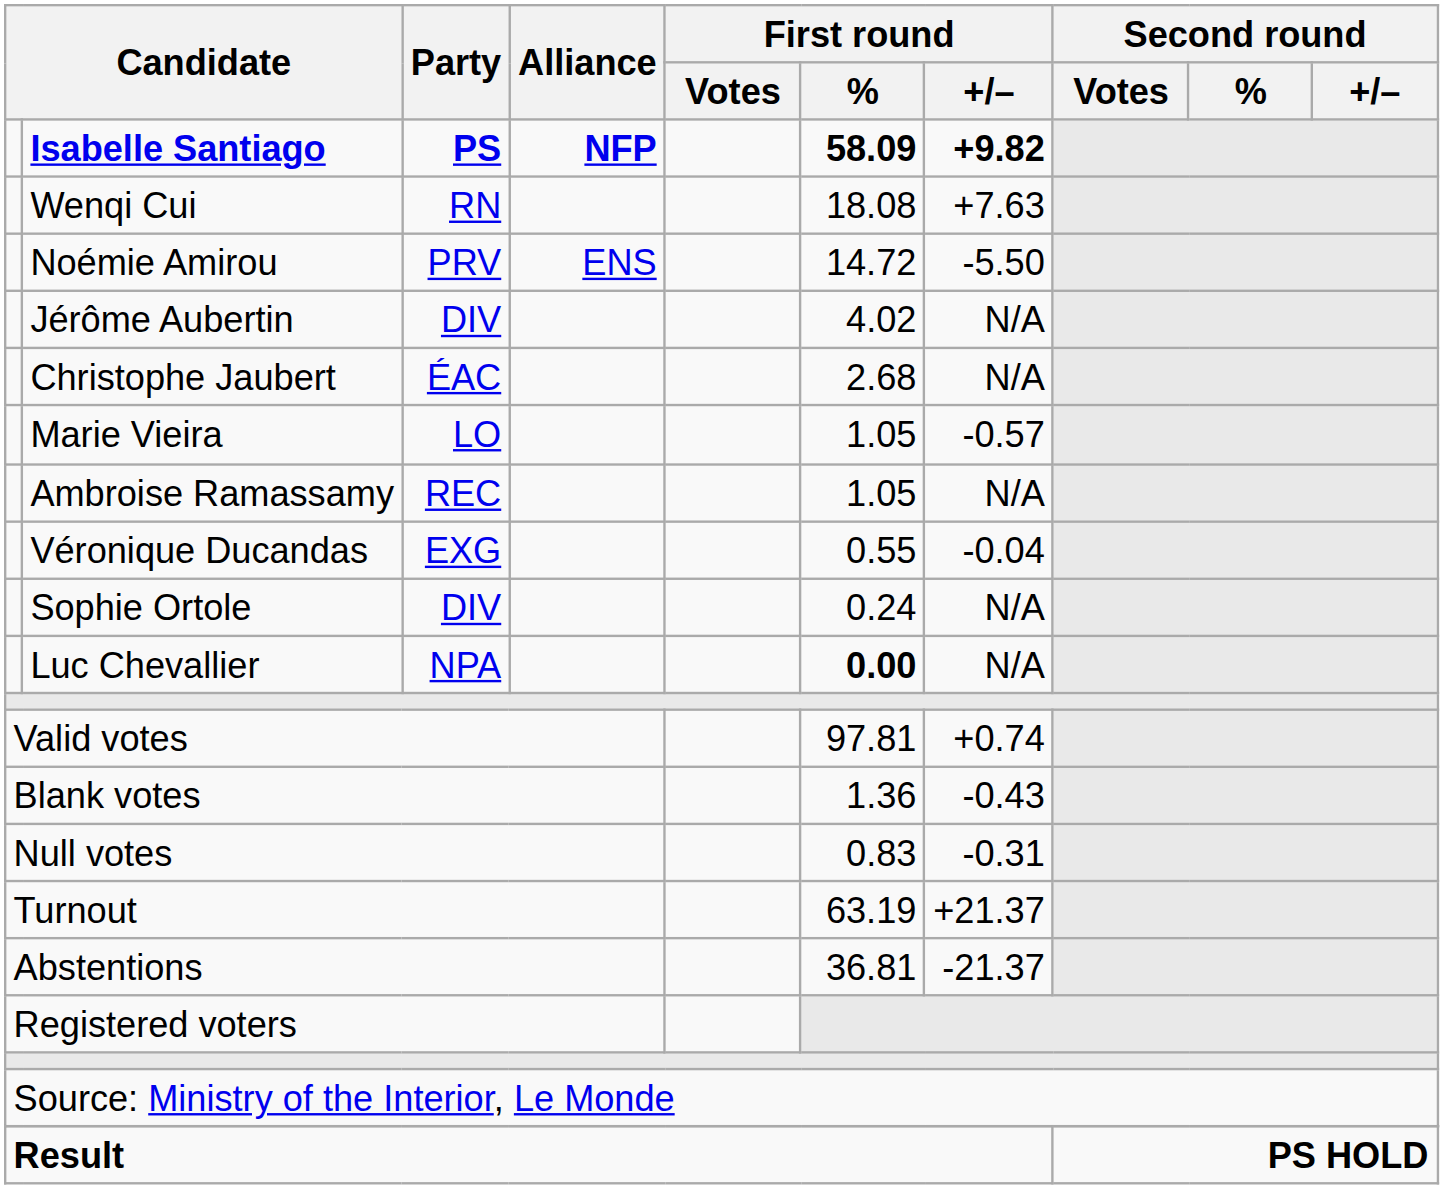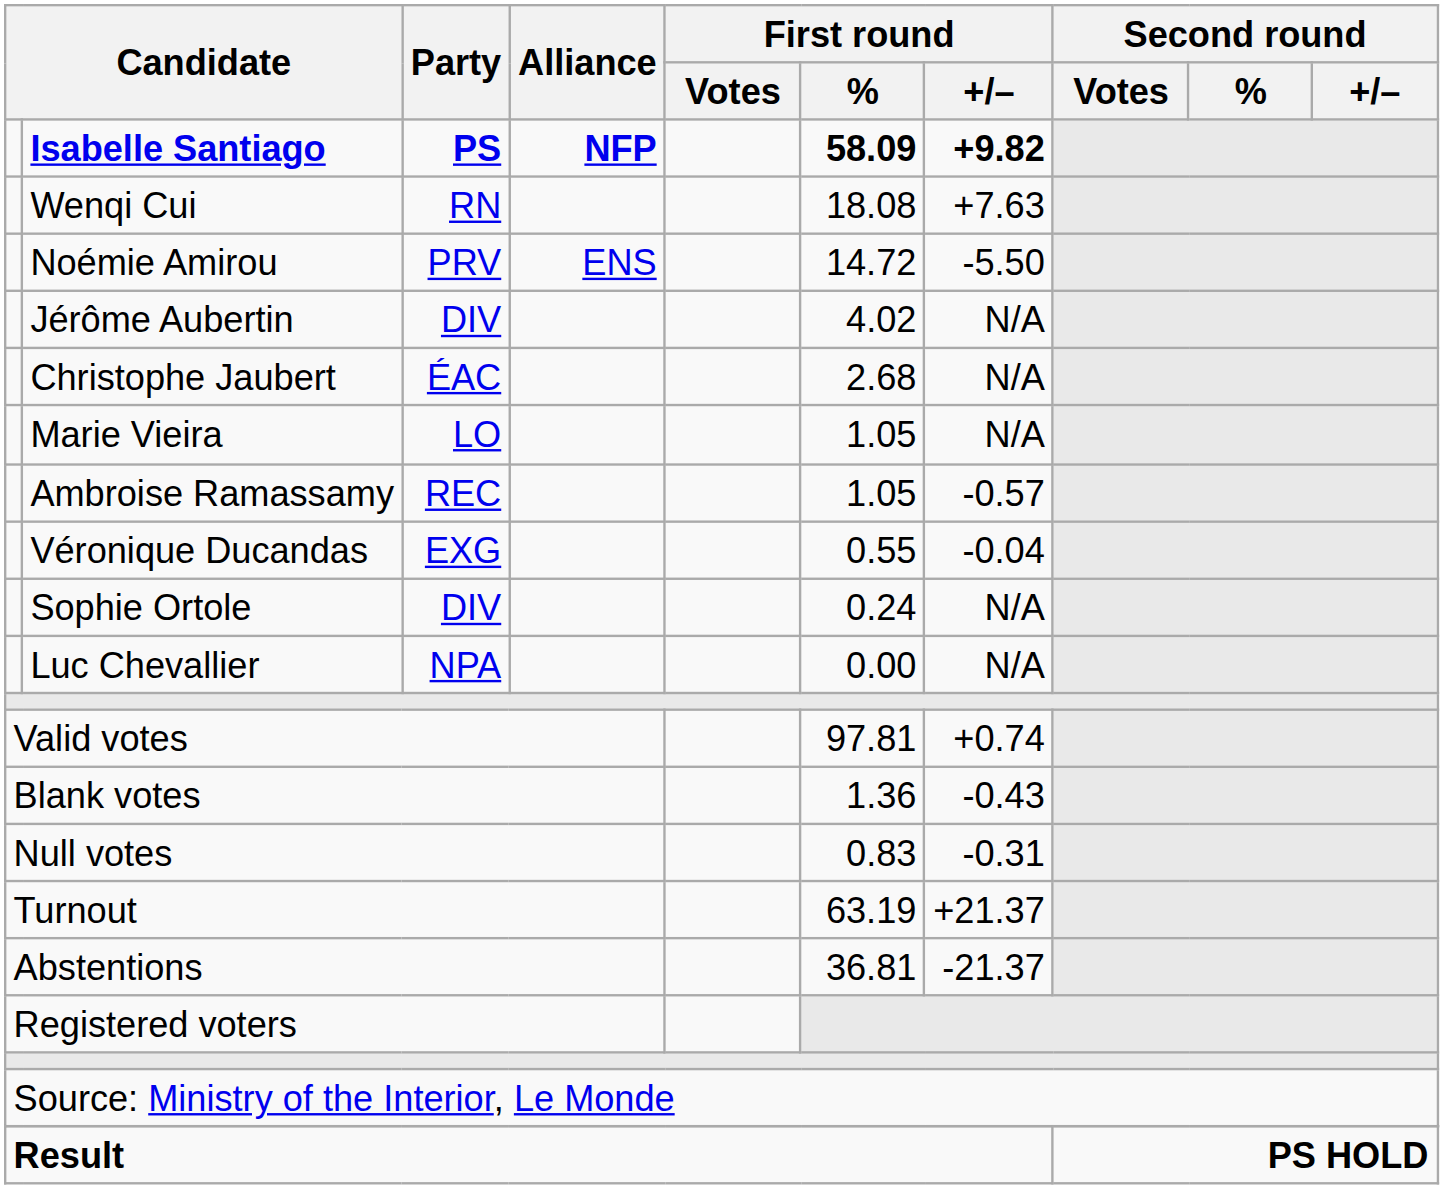 <table class="wikitable" style="text-align:right;font-size:95%;">
 <tr>
 <th rowspan="2" colspan="2">Candidate</th>
 <th rowspan="2">Party</th>
 <th rowspan="2">Alliance</th>
 <th colspan="3">First round</th>
 <th colspan="3">Second round</th>
 </tr>
 <tr>
 <th style="width:50px;">Votes</th>
 <th style="width:45px;">%</th>
 <th style="width:45px;">+/–</th>
 <th style="width:50px;">Votes</th>
 <th style="width:45px;">%</th>
 <th style="width:45px;">+/–</th>
 </tr>
 <tr>
 <td style="color:inherit;background:"></td>
 <td style="text-align:left;"><strong><a href='#'>Isabelle Santiago</a></strong></td>
 <td><a href='#'><strong>PS</strong></a></td>
 <td><a href='#'><strong>NFP</strong></a></td>
 <td><strong></strong></td>
 <td><strong>58.09</strong></td>
 <td><strong>+9.82</strong></td>
 <td colspan="3" style="background:#E9E9E9;"></td>
 </tr>
 <tr>
 <td style="color:inherit;background:"></td>
 <td style="text-align:left;">Wenqi Cui</td>
 <td><a href='#'>RN</a></td>
 <td></td>
 <td></td>
 <td>18.08</td>
 <td>+7.63</td>
 <td colspan="3" style="background:#E9E9E9;"></td>
 </tr>
 <tr>
 <td style="color:inherit;background:"></td>
 <td style="text-align:left;">Noémie Amirou</td>
 <td><a href='#'>PRV</a></td>
 <td><a href='#'>ENS</a></td>
 <td></td>
 <td>14.72</td>
 <td>-5.50</td>
 <td colspan="3" style="background:#E9E9E9;"></td>
 </tr>
 <tr>
 <td style="color:inherit;background:"></td>
 <td style="text-align:left;">Jérôme Aubertin</td>
 <td><a href='#'>DIV</a></td>
 <td></td>
 <td></td>
 <td>4.02</td>
 <td>N/A</td>
 <td colspan="3" style="background:#E9E9E9;"></td>
 </tr>
 <tr>
 <td style="color:inherit;background:"></td>
 <td style="text-align:left;">Christophe Jaubert</td>
 <td><a href='#'>ÉAC</a></td>
 <td></td>
 <td></td>
 <td>2.68</td>
 <td>N/A</td>
 <td colspan="3" style="background:#E9E9E9;"></td>
 </tr>
 <tr>
 <td style="color:inherit;background:"></td>
 <td style="text-align:left;">Marie Vieira</td>
 <td><a href='#'>LO</a></td>
 <td></td>
 <td></td>
 <td>1.05</td>
-<td>-0.57</td>
+<td>N/A</td>
 <td colspan="3" style="background:#E9E9E9;"></td>
 </tr>
 <tr>
 <td style="color:inherit;background:"></td>
 <td style="text-align:left;">Ambroise Ramassamy</td>
 <td><a href='#'>REC</a></td>
 <td></td>
 <td></td>
 <td>1.05</td>
-<td>N/A</td>
+<td>-0.57</td>
 <td colspan="3" style="background:#E9E9E9;"></td>
 </tr>
 <tr>
 <td style="color:inherit;background:"></td>
 <td style="text-align:left;">Véronique Ducandas</td>
 <td><a href='#'>EXG</a></td>
 <td></td>
 <td></td>
 <td>0.55</td>
 <td>-0.04</td>
 <td colspan="3" style="background:#E9E9E9;"></td>
 </tr>
 <tr>
 <td style="color:inherit;background:"></td>
 <td style="text-align:left;">Sophie Ortole</td>
 <td><a href='#'>DIV</a></td>
 <td></td>
 <td></td>
 <td>0.24</td>
 <td>N/A</td>
 <td colspan="3" style="background:#E9E9E9;"></td>
 </tr>
 <tr>
 <td style="color:inherit;background:"></td>
 <td style="text-align:left;">Luc Chevallier</td>
 <td><a href='#'>NPA</a></td>
 <td></td>
 <td></td>
-<td><strong>0.00</strong></td>
+<td>0.00</td>
 <td>N/A</td>
 <td colspan="3" style="background:#E9E9E9;"></td>
 </tr>
 <tr>
 <td colspan="10" style="background:#E9E9E9;"></td>
 </tr>
 <tr>
 <td colspan="4" style="text-align:left;">Valid votes</td>
 <td></td>
 <td>97.81</td>
 <td>+0.74</td>
 <td colspan="3" style="background:#E9E9E9;"></td>
 </tr>
 <tr>
 <td colspan="4" style="text-align:left;">Blank votes</td>
 <td></td>
 <td>1.36</td>
 <td>-0.43</td>
 <td colspan="3" style="background:#E9E9E9;"></td>
 </tr>
 <tr>
 <td colspan="4" style="text-align:left;">Null votes</td>
 <td></td>
 <td>0.83</td>
 <td>-0.31</td>
 <td colspan="3" style="background:#E9E9E9;"></td>
 </tr>
 <tr>
 <td colspan="4" style="text-align:left;">Turnout</td>
 <td></td>
 <td>63.19</td>
 <td>+21.37</td>
 <td colspan="3" style="background:#E9E9E9;"></td>
 </tr>
 <tr>
 <td colspan="4" style="text-align:left;">Abstentions</td>
 <td></td>
 <td>36.81</td>
 <td>-21.37</td>
 <td colspan="3" style="background:#E9E9E9;"></td>
 </tr>
 <tr>
 <td colspan="4" style="text-align:left;">Registered voters</td>
 <td></td>
 <td colspan="5" style="background:#E9E9E9;"></td>
 </tr>
 <tr>
 <td colspan="10" style="background:#E9E9E9;"></td>
 </tr>
 <tr>
 <td colspan="10" style="text-align:left;">Source: <a href='#'>Ministry of the Interior</a>, <a href='#'>Le Monde</a></td>
 </tr>
 <tr>
 </tr>
 <tr style="font-weight:bold">
 <td colspan="7" style="text-align:left;">Result</td>
 <td colspan="7" style="background-color:">PS HOLD</td>
 </tr>
 </table>
